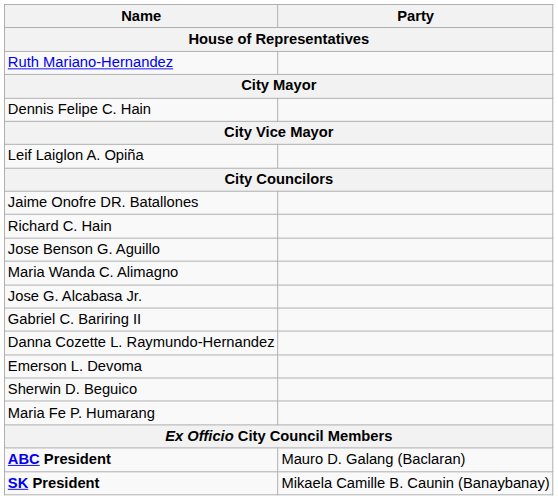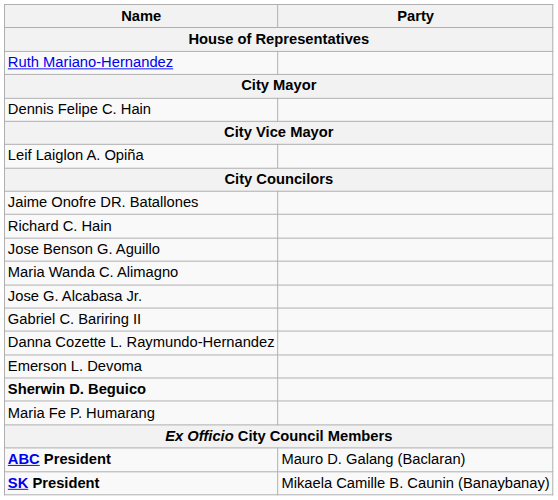 <table class=wikitable>
 <tr>
 <th>Name</th>
 <th colspan=2>Party</th>
 </tr>
 <tr>
 <th colspan=3>House of Representatives</th>
 </tr>
 <tr>
 <td><a href='#'>Ruth Mariano-Hernandez</a></td>
 <td></td>
 </tr>
 <tr>
 <th colspan=3>City Mayor</th>
 </tr>
 <tr>
 <td>Dennis Felipe C. Hain</td>
 <td></td>
 </tr>
 <tr>
 <th colspan=3>City Vice Mayor</th>
 </tr>
 <tr>
 <td>Leif Laiglon A. Opiña</td>
 <td></td>
 </tr>
 <tr>
 <th colspan=3>City Councilors</th>
 </tr>
 <tr>
 <td>Jaime Onofre DR. Batallones</td>
 <td></td>
 </tr>
 <tr>
 <td>Richard C. Hain</td>
 <td></td>
 </tr>
 <tr>
 <td>Jose Benson G. Aguillo</td>
 <td></td>
 </tr>
 <tr>
 <td>Maria Wanda C. Alimagno</td>
 <td></td>
 </tr>
 <tr>
 <td>Jose G. Alcabasa Jr.</td>
 <td></td>
 </tr>
 <tr>
 <td>Gabriel C. Bariring II</td>
 <td></td>
 </tr>
 <tr>
 <td>Danna Cozette L. Raymundo-Hernandez</td>
 <td></td>
 </tr>
 <tr>
 <td>Emerson L. Devoma</td>
 <td></td>
 </tr>
 <tr>
-<td>Sherwin D. Beguico</td>
+<td><strong>Sherwin D. Beguico</strong></td>
 <td></td>
 </tr>
 <tr>
 <td>Maria Fe P. Humarang</td>
 <td></td>
 </tr>
 <tr>
 <th colspan=4><em>Ex Officio</em> City Council Members</th>
 </tr>
 <tr>
 <td><strong><a href='#'>ABC</a> President</strong></td>
 <td colspan=3>Mauro D. Galang (Baclaran)<br></td>
 </tr>
 <tr>
 <td><strong><a href='#'>SK</a> President</strong></td>
 <td colspan=3>Mikaela Camille B. Caunin (Banaybanay)<br></td>
 </tr>
 </table>
